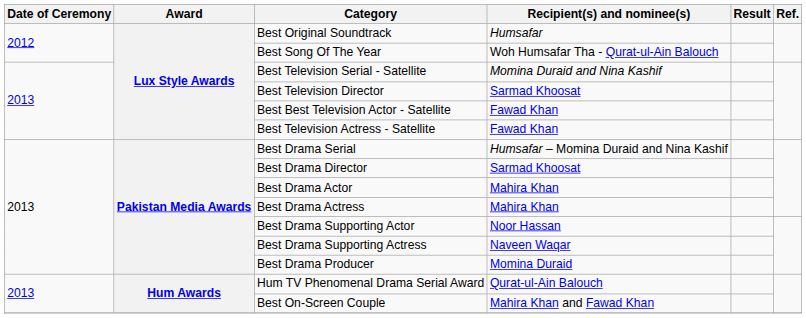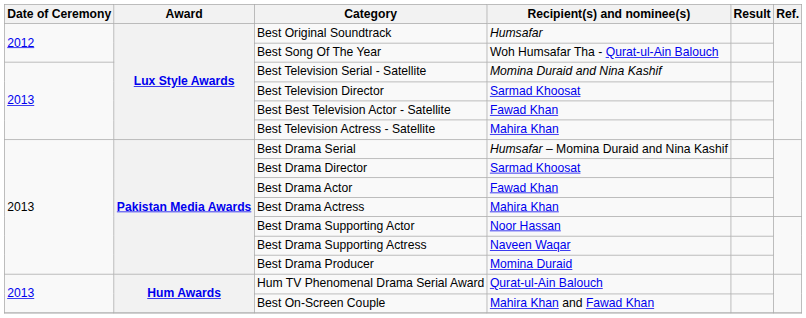 <table class="wikitable sortable plainrowheaders">
 <tr>
 <th>Date of Ceremony</th>
 <th>Award</th>
 <th>Category</th>
 <th>Recipient(s) and nominee(s)</th>
 <th>Result</th>
 <th>Ref.</th>
 </tr>
 <tr>
 <td rowspan="2"><a href='#'>2012</a></td>
 <th scope="row" rowspan="6"><a href='#'>Lux Style Awards</a></th>
 <td>Best Original Soundtrack</td>
 <td><em>Humsafar</em></td>
 <td></td>
 <td rowspan="2"></td>
 </tr>
 <tr>
 <td>Best Song Of The Year</td>
 <td>Woh Humsafar Tha - <a href='#'>Qurat-ul-Ain Balouch</a></td>
 <td></td>
 </tr>
 <tr>
 <td rowspan="4"><a href='#'>2013</a></td>
 <td>Best Television Serial - Satellite</td>
 <td><em>Momina Duraid and Nina Kashif</em></td>
 <td></td>
 <td rowspan="4"></td>
 </tr>
 <tr>
 <td>Best Television Director</td>
 <td><a href='#'>Sarmad Khoosat</a></td>
 <td></td>
 </tr>
 <tr>
 <td>Best Best Television Actor - Satellite</td>
 <td><a href='#'>Fawad Khan</a></td>
 <td></td>
 </tr>
 <tr>
 <td>Best Television Actress - Satellite</td>
-<td><a href='#'>Fawad Khan</a></td>
+<td><a href='#'>Mahira Khan</a></td>
 <td></td>
 </tr>
 <tr>
 <td rowspan="7">2013</td>
 <th scope="row" rowspan="7"><a href='#'>Pakistan Media Awards</a></th>
 <td>Best Drama Serial</td>
 <td><em>Humsafar</em> – Momina Duraid and Nina Kashif</td>
 <td></td>
 <td rowspan="4"></td>
 </tr>
 <tr>
 <td>Best Drama Director</td>
 <td><a href='#'>Sarmad Khoosat</a></td>
 <td></td>
 </tr>
 <tr>
 <td>Best Drama Actor</td>
-<td><a href='#'>Mahira Khan</a></td>
+<td><a href='#'>Fawad Khan</a></td>
 <td></td>
 </tr>
 <tr>
 <td>Best Drama Actress</td>
 <td><a href='#'>Mahira Khan</a></td>
 <td></td>
 </tr>
 <tr>
 <td>Best Drama Supporting Actor</td>
 <td><a href='#'>Noor Hassan</a></td>
 <td></td>
 </tr>
 <tr>
 <td>Best Drama Supporting Actress</td>
 <td><a href='#'>Naveen Waqar</a></td>
 <td></td>
 </tr>
 <tr>
 <td>Best Drama Producer</td>
 <td><a href='#'>Momina Duraid</a></td>
 <td></td>
 </tr>
 <tr>
 <td rowspan="2"><a href='#'>2013</a></td>
 <th scope="row" rowspan="2"><a href='#'>Hum Awards</a></th>
 <td>Hum TV Phenomenal Drama Serial Award</td>
 <td><a href='#'>Qurat-ul-Ain Balouch</a></td>
 <td></td>
 <td rowspan="2"></td>
 </tr>
 <tr>
 <td>Best On-Screen Couple</td>
 <td><a href='#'>Mahira Khan</a> and <a href='#'>Fawad Khan</a></td>
 <td></td>
 </tr>
 <tr>
 </tr>
 </table>
